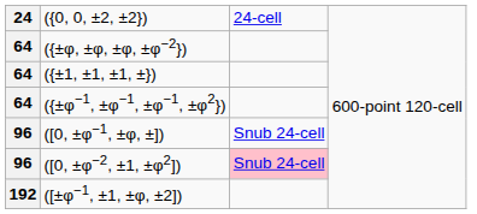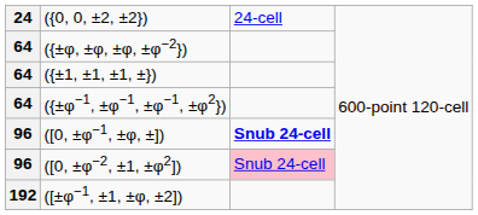 <table class=wikitable>
 <tr>
 <th>24</th>
 <td>({0, 0, ±2, ±2})</td>
 <td><a href='#'>24-cell</a></td>
 <td rowspan=7>600-point 120-cell</td>
 </tr>
 <tr>
 <th>64</th>
 <td>({±φ, ±φ, ±φ, ±φ<sup>−2</sup>})</td>
 <td></td>
 </tr>
 <tr>
 <th>64</th>
 <td>({±1, ±1, ±1, ±})</td>
 <td></td>
 </tr>
 <tr>
 <th>64</th>
 <td>({±φ<sup>−1</sup>, ±φ<sup>−1</sup>, ±φ<sup>−1</sup>, ±φ<sup>2</sup>})</td>
 <td></td>
 </tr>
 <tr>
 <th>96</th>
 <td>([0, ±φ<sup>−1</sup>, ±φ, ±])</td>
-<td><a href='#'>Snub 24-cell</a></td>
+<td><strong><a href='#'>Snub 24-cell</a></strong></td>
 </tr>
 <tr>
 <th>96</th>
 <td>([0, ±φ<sup>−2</sup>, ±1, ±φ<sup>2</sup>])</td>
 <td style="background: pink;"><a href='#'>Snub 24-cell</a></td>
 </tr>
 <tr>
 <th>192</th>
 <td>([±φ<sup>−1</sup>, ±1, ±φ, ±2])</td>
 <td></td>
 </tr>
 </table>
